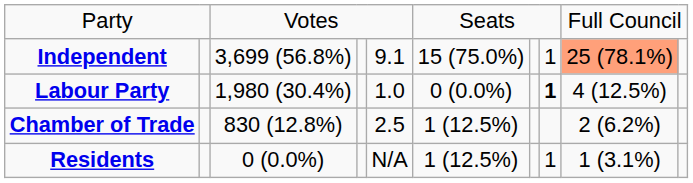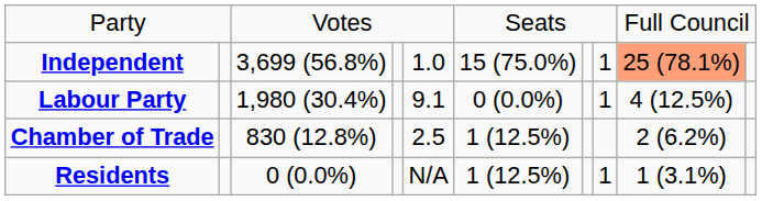 <table class=wikitable style="text-align:center;">
 <tr>
 <td colspan=2>Party</td>
 <td colspan=3>Votes</td>
 <td colspan=3>Seats</td>
 <td colspan=3>Full Council</td>
 </tr>
 <tr>
 <td><strong><a href='#'>Independent</a></strong></td>
 <td></td>
 <td>3,699 (56.8%)</td>
 <td></td>
-<td> 9.1</td>
+<td> 1.0</td>
 <td>15 (75.0%)</td>
 <td></td>
 <td> 1</td>
 <td style="background: lightsalmon;">25 (78.1%)</td>
 <td></td>
 </tr>
 <tr>
 <td><strong><a href='#'>Labour Party</a></strong></td>
 <td></td>
 <td>1,980 (30.4%)</td>
 <td></td>
-<td> 1.0</td>
+<td> 9.1</td>
 <td>0 (0.0%)</td>
 <td></td>
-<td><strong> 1</strong></td>
+<td> 1</td>
 <td>4 (12.5%)</td>
 <td></td>
 </tr>
 <tr>
 <td><strong><a href='#'>Chamber of Trade</a></strong></td>
 <td></td>
 <td>830 (12.8%)</td>
 <td></td>
 <td> 2.5</td>
 <td>1 (12.5%)</td>
 <td></td>
 <td></td>
 <td>2 (6.2%)</td>
 <td></td>
 </tr>
 <tr>
 <td><strong><a href='#'>Residents</a></strong></td>
 <td></td>
 <td>0 (0.0%)</td>
 <td></td>
 <td>N/A</td>
 <td>1 (12.5%)</td>
 <td></td>
 <td> 1</td>
 <td>1 (3.1%)</td>
 <td></td>
 </tr>
 </table>
